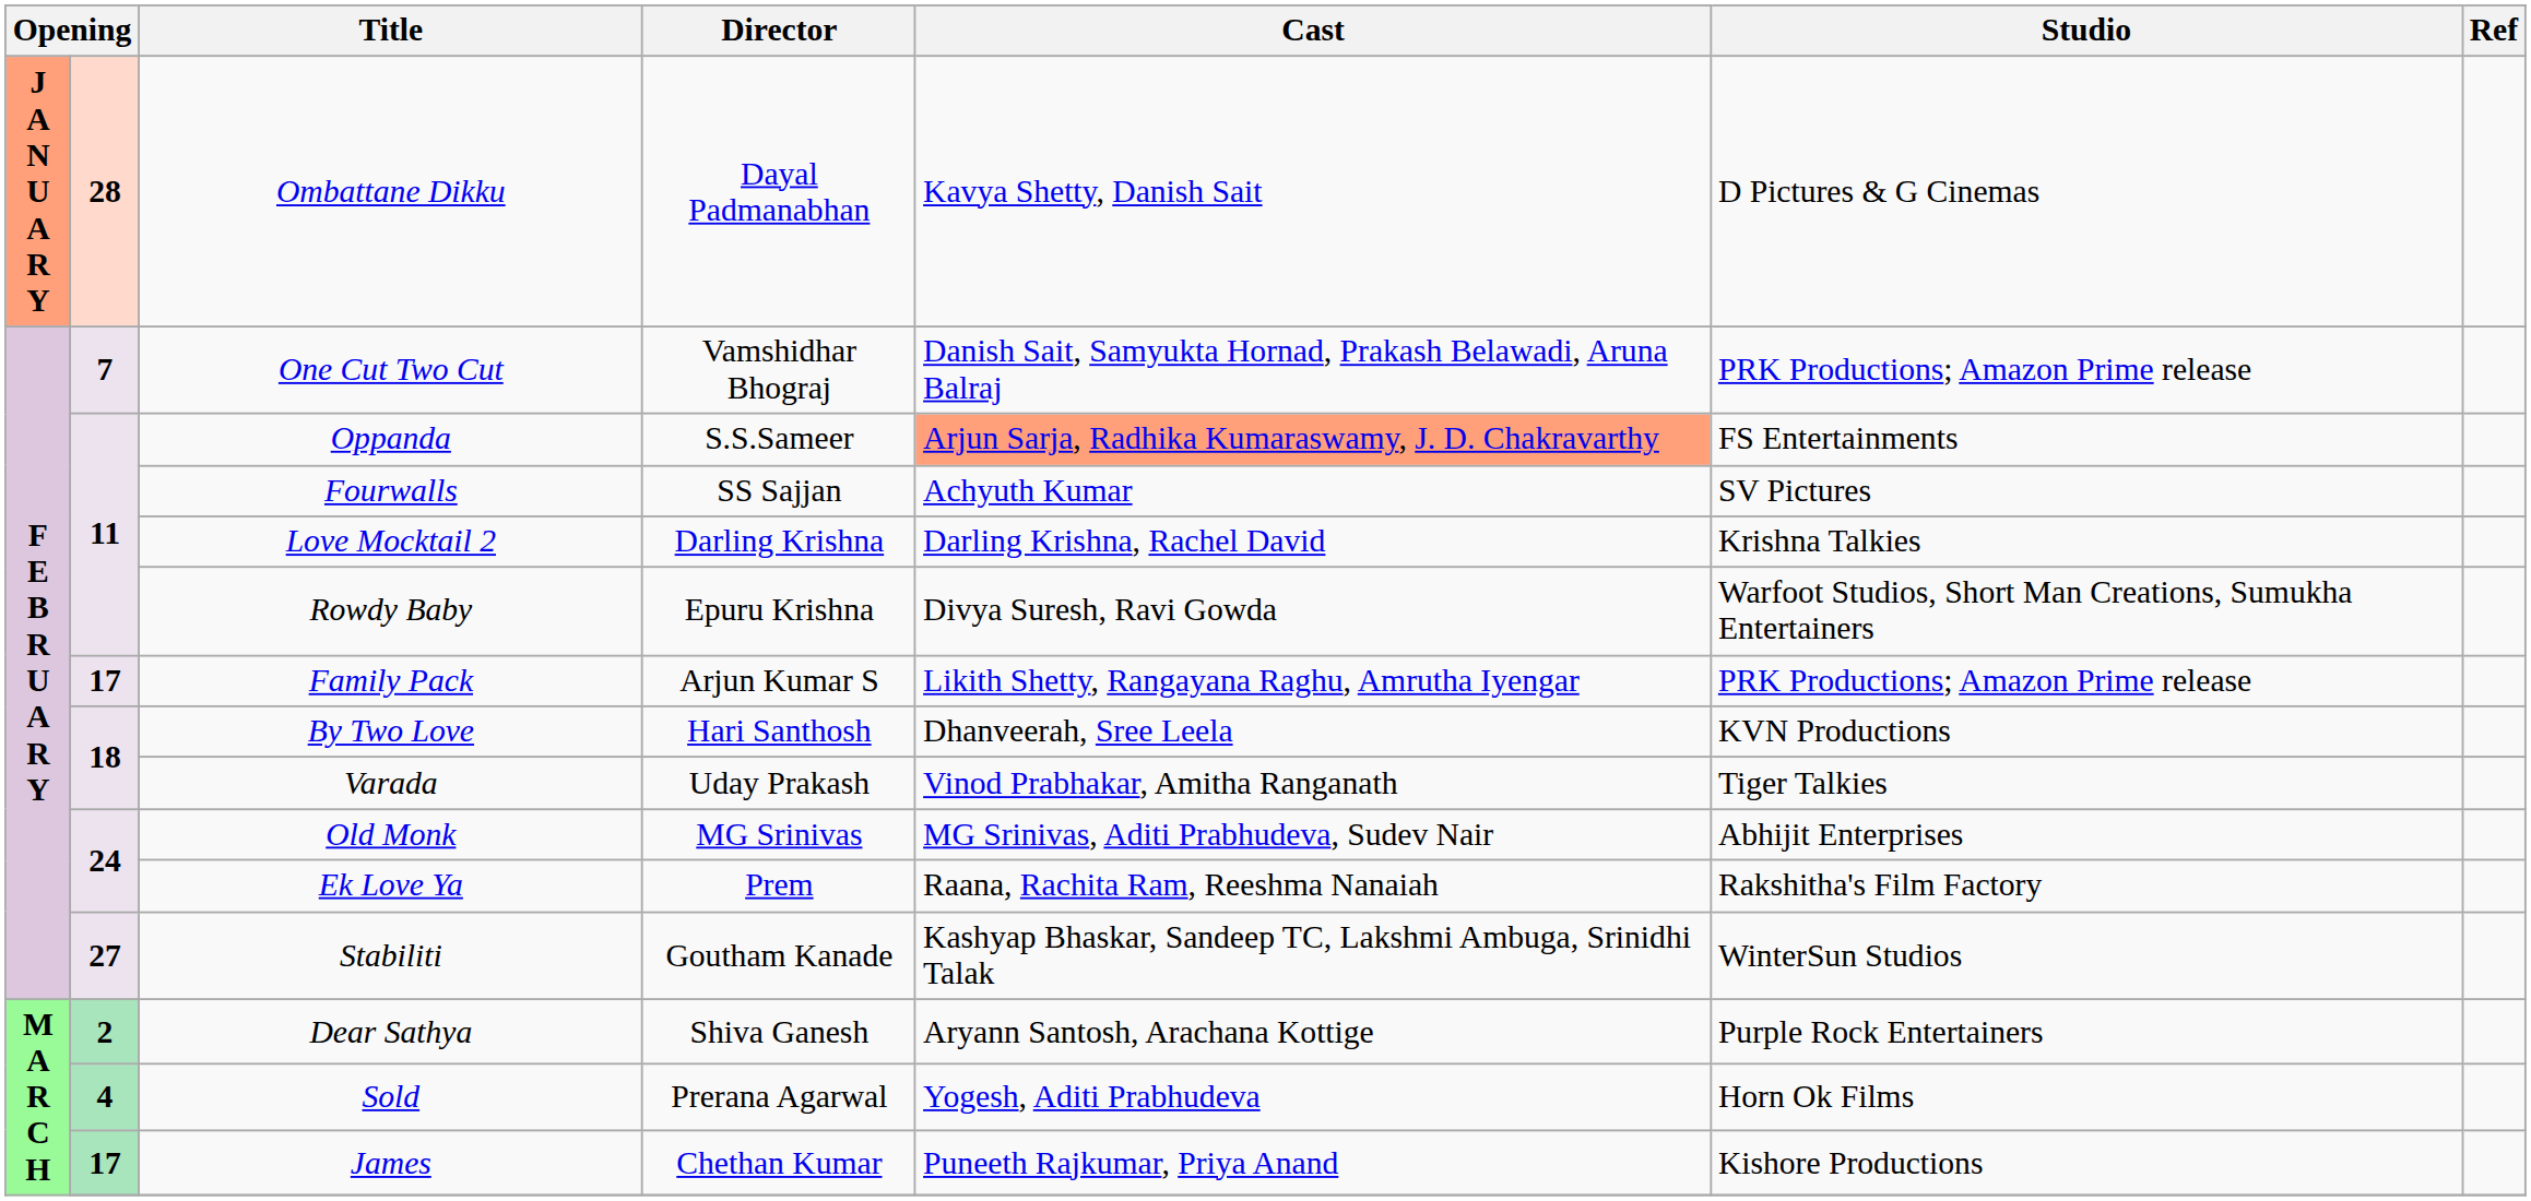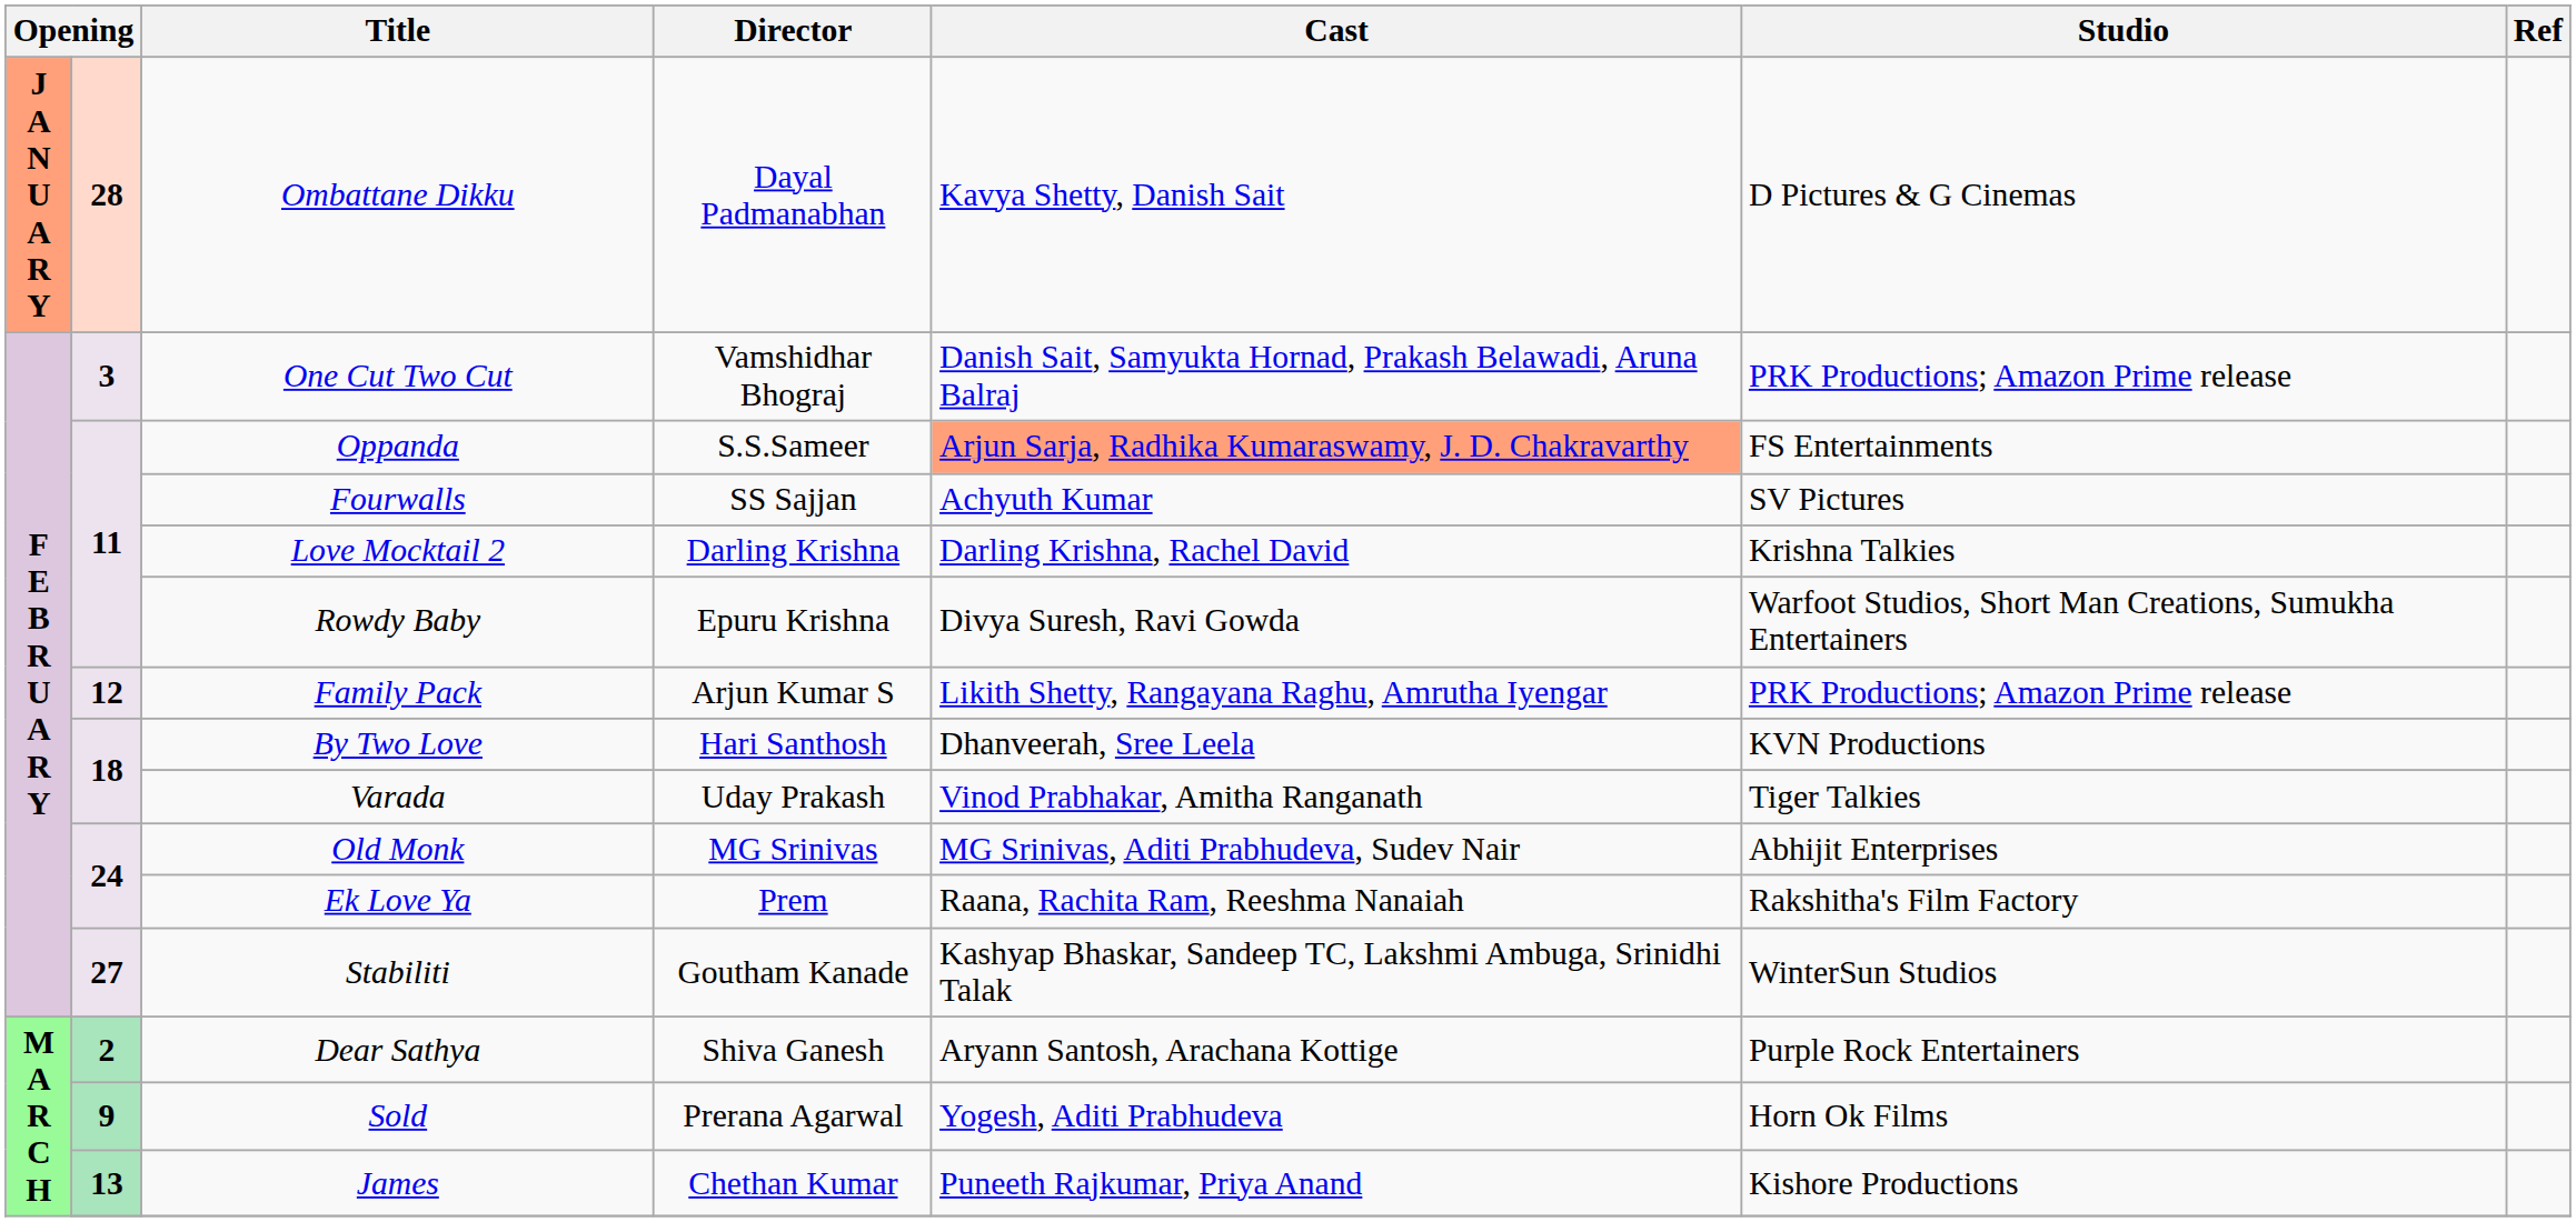 <table class="wikitable sortable">
 <tr>
 <th colspan="2">Opening</th>
 <th style="width:20%;">Title</th>
 <th>Director</th>
 <th>Cast</th>
 <th>Studio</th>
 <th>Ref</th>
 </tr>
 <tr January!>
 <td rowspan="1"   style="text-align:center;background:#ffa07a;textcolor:#000;"><strong>J<br>A<br>N<br>U<br>A<br>R<br>Y</strong></td>
 <td rowspan="1" style="text-align:center;background:#ffdacc;"><strong>28</strong></td>
 <td align="center"><em><a href='#'>Ombattane Dikku</a></em></td>
 <td align="center"><a href='#'>Dayal Padmanabhan</a></td>
 <td><a href='#'>Kavya Shetty</a>, <a href='#'>Danish Sait</a></td>
 <td>D Pictures & G Cinemas</td>
 <td align="center"></td>
 </tr>
 <tr>
 <td rowspan="11" style="text-align:center; background:#dcc7df; textcolor:#000;"><strong>F<br>E<br>B<br>R<br>U<br>A<br>R<br>Y</strong></td>
-<td rowspan="1" style="text-align:center; background:#ede3ef;"><strong>7</strong></td>
+<td rowspan="1" style="text-align:center; background:#ede3ef;"><strong>3</strong></td>
 <td align="center"><em><a href='#'>One Cut Two Cut</a></em></td>
 <td align="center">Vamshidhar Bhograj</td>
 <td><a href='#'>Danish Sait</a>, <a href='#'>Samyukta Hornad</a>, <a href='#'>Prakash Belawadi</a>, <a href='#'>Aruna Balraj</a></td>
 <td><a href='#'>PRK Productions</a>; <a href='#'>Amazon Prime</a> release</td>
 <td align="center"></td>
 </tr>
 <tr>
 <td rowspan="4" style="text-align:center; background:#ede3ef;"><strong>11</strong></td>
 <td align="center"><em><a href='#'>Oppanda</a></em></td>
 <td align="center">S.S.Sameer</td>
 <td style="background: lightsalmon;"><a href='#'>Arjun Sarja</a>, <a href='#'>Radhika Kumaraswamy</a>, <a href='#'>J. D. Chakravarthy</a></td>
 <td>FS Entertainments</td>
 <td align="center"></td>
 </tr>
 <tr>
 <td align="center"><em><a href='#'>Fourwalls</a></em></td>
 <td align="center">SS Sajjan</td>
 <td><a href='#'>Achyuth Kumar</a></td>
 <td>SV Pictures</td>
 <td align="center"></td>
 </tr>
 <tr>
 <td align="center"><em><a href='#'>Love Mocktail 2</a></em></td>
 <td align="center"><a href='#'>Darling Krishna</a></td>
 <td><a href='#'>Darling Krishna</a>, <a href='#'>Rachel David</a></td>
 <td>Krishna Talkies</td>
 <td align="center"></td>
 </tr>
 <tr>
 <td align="center"><em>Rowdy Baby</em></td>
 <td align="center">Epuru Krishna</td>
 <td>Divya Suresh, Ravi Gowda</td>
 <td>Warfoot Studios, Short Man Creations, Sumukha Entertainers</td>
 <td align="center"></td>
 </tr>
 <tr>
-<td rowspan="1" style="text-align:center; background:#ede3ef;"><strong>17</strong></td>
+<td rowspan="1" style="text-align:center; background:#ede3ef;"><strong>12</strong></td>
 <td align="center"><em><a href='#'>Family Pack</a></em></td>
 <td align="center">Arjun Kumar S</td>
 <td><a href='#'>Likith Shetty</a>, <a href='#'>Rangayana Raghu</a>, <a href='#'>Amrutha Iyengar</a></td>
 <td><a href='#'>PRK Productions</a>; <a href='#'>Amazon Prime</a> release</td>
 <td align="center"></td>
 </tr>
 <tr>
 <td rowspan="2" style="text-align:center; background:#ede3ef;"><strong>18</strong></td>
 <td align="center"><em><a href='#'>By Two Love</a></em></td>
 <td align="center"><a href='#'>Hari Santhosh</a></td>
 <td>Dhanveerah, <a href='#'>Sree Leela</a></td>
 <td>KVN Productions</td>
 <td align="center"></td>
 </tr>
 <tr>
 <td align="center"><em>Varada</em></td>
 <td align="center">Uday Prakash</td>
 <td><a href='#'>Vinod Prabhakar</a>, Amitha Ranganath</td>
 <td>Tiger Talkies</td>
 <td align="center"></td>
 </tr>
 <tr>
 <td rowspan="2" style="text-align:center; background:#ede3ef;"><strong>24</strong></td>
 <td align="center"><em><a href='#'>Old Monk</a></em></td>
 <td align="center"><a href='#'>MG Srinivas</a></td>
 <td><a href='#'>MG Srinivas</a>, <a href='#'>Aditi Prabhudeva</a>, Sudev Nair</td>
 <td>Abhijit Enterprises</td>
 <td align="center"></td>
 </tr>
 <tr>
 <td align="center"><em><a href='#'>Ek Love Ya</a></em></td>
 <td align="center"><a href='#'>Prem</a></td>
 <td>Raana, <a href='#'>Rachita Ram</a>, Reeshma Nanaiah</td>
 <td>Rakshitha's Film Factory</td>
 <td align="center"></td>
 </tr>
 <tr>
 <td align="center" style="text-align:center; background:#ede3ef;"><strong>27</strong></td>
 <td align="center"><em>Stabiliti</em></td>
 <td align="center">Goutham Kanade</td>
 <td>Kashyap Bhaskar, Sandeep TC, Lakshmi Ambuga, Srinidhi Talak</td>
 <td>WinterSun Studios</td>
 <td align="center"></td>
 </tr>
 <tr>
 <th rowspan="4" style="text-align:center; background:#98fb98; textcolor:#000;"><strong>M<br>A<br>R<br>C<br>H</strong></th>
 <td rowspan="1" style="text-align:center; background:#a8e4bc;"><strong>2</strong></td>
 <td align="center"><em>Dear Sathya</em></td>
 <td align="center">Shiva Ganesh</td>
 <td>Aryann Santosh, Arachana Kottige</td>
 <td>Purple Rock Entertainers</td>
 <td align="center"></td>
 </tr>
 <tr>
-<td rowspan="1" style="text-align:center; background:#a8e4bc;"><strong>4</strong></td>
+<td rowspan="1" style="text-align:center; background:#a8e4bc;"><strong>9</strong></td>
 <td align="center"><em><a href='#'>Sold</a></em></td>
 <td align="center">Prerana Agarwal</td>
 <td><a href='#'>Yogesh</a>, <a href='#'>Aditi Prabhudeva</a></td>
 <td>Horn Ok Films</td>
 <td align="center"></td>
 </tr>
 <tr>
-<td rowspan="1" style="text-align:center; background:#a8e4bc;"><strong>17</strong></td>
+<td rowspan="1" style="text-align:center; background:#a8e4bc;"><strong>13</strong></td>
 <td align="center"><em><a href='#'>James</a></em></td>
 <td align="center"><a href='#'>Chethan Kumar</a></td>
 <td><a href='#'>Puneeth Rajkumar</a>, <a href='#'>Priya Anand</a></td>
 <td>Kishore Productions</td>
 <td align="center"></td>
 </tr>
 <tr>
 </tr>
 </table>
